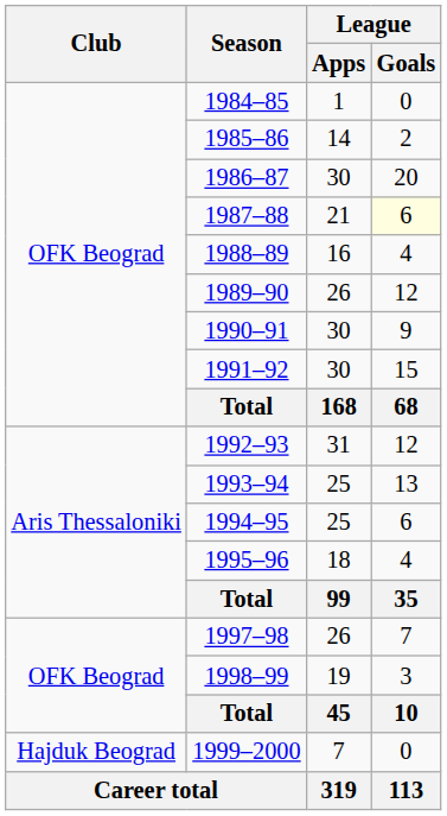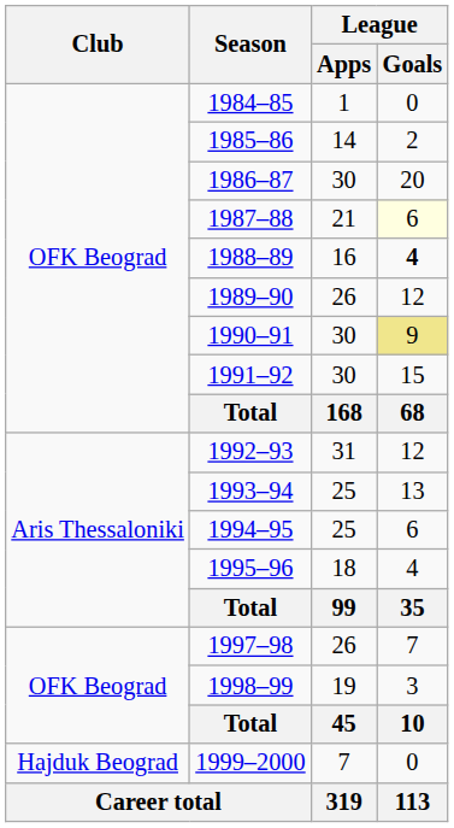 <table class="wikitable" style="text-align:center">
 <tr>
 <th rowspan="2">Club</th>
 <th rowspan="2">Season</th>
 <th colspan="2">League</th>
 </tr>
 <tr>
 <th>Apps</th>
 <th>Goals</th>
 </tr>
 <tr>
 <td rowspan="9"><a href='#'>OFK Beograd</a></td>
 <td><a href='#'>1984–85</a></td>
 <td>1</td>
 <td>0</td>
 </tr>
 <tr>
 <td><a href='#'>1985–86</a></td>
 <td>14</td>
 <td>2</td>
 </tr>
 <tr>
 <td><a href='#'>1986–87</a></td>
 <td>30</td>
 <td>20</td>
 </tr>
 <tr>
 <td><a href='#'>1987–88</a></td>
 <td>21</td>
 <td style="background: lightyellow;">6</td>
 </tr>
 <tr>
 <td><a href='#'>1988–89</a></td>
 <td>16</td>
-<td>4</td>
+<td><strong>4</strong></td>
 </tr>
 <tr>
 <td><a href='#'>1989–90</a></td>
 <td>26</td>
 <td>12</td>
 </tr>
 <tr>
 <td><a href='#'>1990–91</a></td>
 <td>30</td>
-<td>9</td>
+<td style="background: khaki;">9</td>
 </tr>
 <tr>
 <td><a href='#'>1991–92</a></td>
 <td>30</td>
 <td>15</td>
 </tr>
 <tr>
 <th>Total</th>
 <th>168</th>
 <th>68</th>
 </tr>
 <tr>
 <td rowspan="5"><a href='#'>Aris Thessaloniki</a></td>
 <td><a href='#'>1992–93</a></td>
 <td>31</td>
 <td>12</td>
 </tr>
 <tr>
 <td><a href='#'>1993–94</a></td>
 <td>25</td>
 <td>13</td>
 </tr>
 <tr>
 <td><a href='#'>1994–95</a></td>
 <td>25</td>
 <td>6</td>
 </tr>
 <tr>
 <td><a href='#'>1995–96</a></td>
 <td>18</td>
 <td>4</td>
 </tr>
 <tr>
 <th>Total</th>
 <th>99</th>
 <th>35</th>
 </tr>
 <tr>
 <td rowspan="3"><a href='#'>OFK Beograd</a></td>
 <td><a href='#'>1997–98</a></td>
 <td>26</td>
 <td>7</td>
 </tr>
 <tr>
 <td><a href='#'>1998–99</a></td>
 <td>19</td>
 <td>3</td>
 </tr>
 <tr>
 <th>Total</th>
 <th>45</th>
 <th>10</th>
 </tr>
 <tr>
 <td><a href='#'>Hajduk Beograd</a></td>
 <td><a href='#'>1999–2000</a></td>
 <td>7</td>
 <td>0</td>
 </tr>
 <tr>
 <th colspan="2">Career total</th>
 <th>319</th>
 <th>113</th>
 </tr>
 </table>
